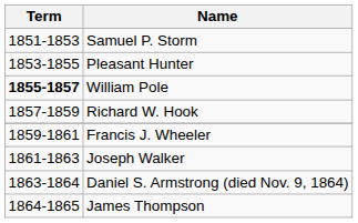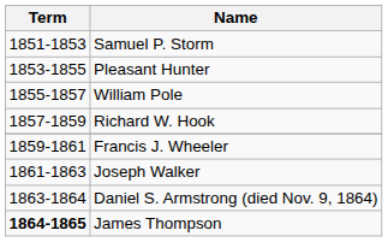 <table class="wikitable">
 <tr>
 <th>Term</th>
 <th>Name</th>
 </tr>
 <tr>
 <td>1851-1853</td>
 <td>Samuel P. Storm</td>
 </tr>
 <tr>
 <td>1853-1855</td>
 <td>Pleasant Hunter</td>
 </tr>
 <tr>
-<td><strong>1855-1857</strong></td>
+<td>1855-1857</td>
 <td>William Pole</td>
 </tr>
 <tr>
 <td>1857-1859</td>
 <td>Richard W. Hook</td>
 </tr>
 <tr>
 </tr>
 <tr>
 <td>1859-1861</td>
 <td>Francis J. Wheeler</td>
 </tr>
 <tr>
 <td>1861-1863</td>
 <td>Joseph Walker</td>
 </tr>
 <tr>
 <td>1863-1864</td>
 <td>Daniel S. Armstrong (died Nov. 9, 1864)</td>
 </tr>
 <tr>
-<td>1864-1865</td>
+<td><strong>1864-1865</strong></td>
 <td>James Thompson</td>
 </tr>
 </table>
